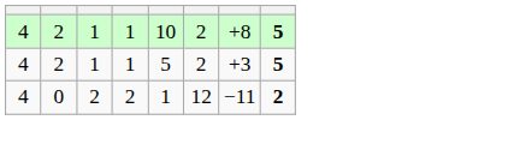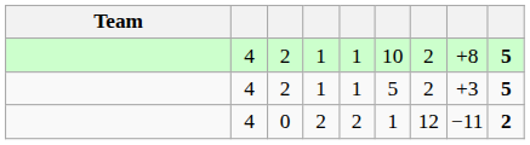 <table class="wikitable" style="text-align:center">
 <tr>
+<th width=165>Team</th>
 <th width=20></th>
 <th width=20></th>
 <th width=20></th>
 <th width=20></th>
 <th width=20></th>
 <th width=20></th>
 <th width=20></th>
 <th width=20></th>
 </tr>
 <tr align=center bgcolor=ccffcc>
+<td align=left></td>
 <td>4</td>
 <td>2</td>
 <td>1</td>
 <td>1</td>
 <td>10</td>
 <td>2</td>
 <td>+8</td>
 <td><strong>5</strong></td>
 </tr>
 <tr align=center>
+<td align=left></td>
 <td>4</td>
 <td>2</td>
 <td>1</td>
 <td>1</td>
 <td>5</td>
 <td>2</td>
 <td>+3</td>
 <td><strong>5</strong></td>
 </tr>
 <tr align=center>
+<td align=left></td>
 <td>4</td>
 <td>0</td>
 <td>2</td>
 <td>2</td>
 <td>1</td>
 <td>12</td>
 <td>−11</td>
 <td><strong>2</strong></td>
 </tr>
 </table>
